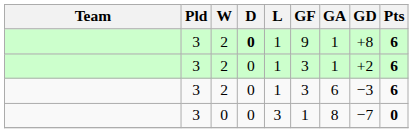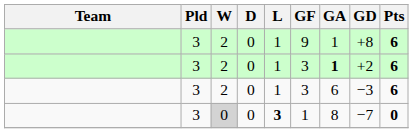 <table class="wikitable" style="text-align: center;">
 <tr>
 <th width="175">Team</th>
 <th width="20">Pld</th>
 <th width="20">W</th>
 <th width="20">D</th>
 <th width="20">L</th>
 <th width="20">GF</th>
 <th width="20">GA</th>
 <th width="20">GD</th>
 <th width="20">Pts</th>
 </tr>
 <tr bgcolor="#ccffcc">
 <td align=left></td>
 <td>3</td>
 <td>2</td>
-<td><strong>0</strong></td>
+<td>0</td>
 <td>1</td>
 <td>9</td>
 <td>1</td>
 <td>+8</td>
 <td><strong>6</strong></td>
 </tr>
 <tr bgcolor="#ccffcc">
 <td align=left></td>
 <td>3</td>
 <td>2</td>
 <td>0</td>
 <td>1</td>
 <td>3</td>
-<td>1</td>
+<td><strong>1</strong></td>
 <td>+2</td>
 <td><strong>6</strong></td>
 </tr>
 <tr>
 <td align=left></td>
 <td>3</td>
 <td>2</td>
 <td>0</td>
 <td>1</td>
 <td>3</td>
 <td>6</td>
 <td>−3</td>
 <td><strong>6</strong></td>
 </tr>
 <tr>
 <td align=left></td>
 <td>3</td>
+<td style="background: lightgrey;">0</td>
 <td>0</td>
-<td>0</td>
-<td>3</td>
+<td><strong>3</strong></td>
 <td>1</td>
 <td>8</td>
 <td>−7</td>
 <td><strong>0</strong></td>
 </tr>
 <tr>
 </tr>
 </table>
